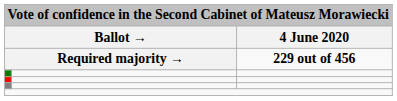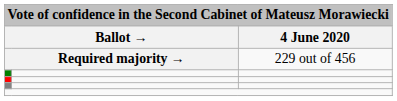 <table class="wikitable" style="text-align:center;">
 <tr>
 <td colspan="3" align="center" bgcolor="#C0C0C0"><strong>Vote of confidence in the Second Cabinet of Mateusz Morawiecki</strong></td>
 </tr>
 <tr>
 <th colspan="2" style="width:150px;">Ballot →</th>
 <th>4 June 2020</th>
 </tr>
 <tr>
 <th colspan="2">Required majority →</th>
-<td><strong>229 out of 456 </strong></td>
+<td>229 out of 456 </td>
 </tr>
 <tr>
 <th style="background:green;"></th>
 <td style="text-align:left;"></td>
 <td></td>
 </tr>
 <tr>
 <th style="width:1px; background:red;"></th>
 <td style="text-align:left;"></td>
 <td></td>
 </tr>
 <tr>
 <th style="width:1px; background:gray;"></th>
 <td style="text-align:left;"></td>
 <td></td>
 </tr>
 <tr>
 <td style="text-align:left;" colspan=3></td>
 </tr>
 </table>
